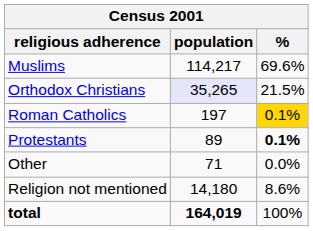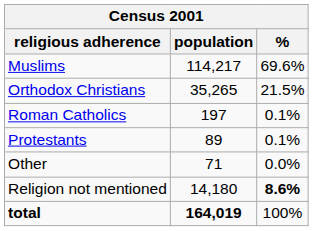 <table class="wikitable">
 <tr>
 <th colspan=3>Census 2001</th>
 </tr>
 <tr>
 <th>religious adherence</th>
 <th>population</th>
 <th>%</th>
 </tr>
 <tr>
 <td><a href='#'>Muslims</a></td>
 <td align="middle">114,217</td>
 <td align="middle">69.6%</td>
 </tr>
 <tr>
 <td><a href='#'>Orthodox Christians</a></td>
-<td align="middle" style="background: lavender;">35,265</td>
+<td align="middle">35,265</td>
 <td align="middle">21.5%</td>
 </tr>
 <tr>
 <td><a href='#'>Roman Catholics</a></td>
 <td align="middle">197</td>
-<td align="middle" style="background: gold;">0.1%</td>
+<td align="middle">0.1%</td>
 </tr>
 <tr>
 <td><a href='#'>Protestants</a></td>
 <td align="middle">89</td>
-<td align="middle"><strong>0.1%</strong></td>
+<td align="middle">0.1%</td>
 </tr>
 <tr>
 <td>Other</td>
 <td align="middle">71</td>
 <td align="middle">0.0%</td>
 </tr>
 <tr>
 <td>Religion not mentioned</td>
 <td align="middle">14,180</td>
-<td align="middle">8.6%</td>
+<td align="middle"><strong>8.6%</strong></td>
 </tr>
 <tr>
 <td><strong>total</strong></td>
 <td align="middle"><strong>164,019</strong></td>
 <td align="middle">100%</td>
 </tr>
 </table>
